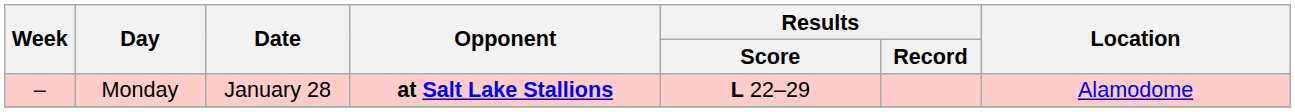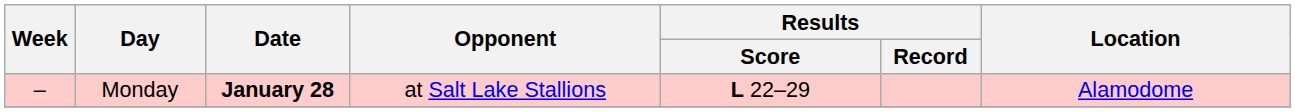 <table class="wikitable" style="text-align:center; font-size:90%">
 <tr>
 <th rowspan="2" width="40">Week</th>
 <th rowspan="2" width="80">Day</th>
 <th rowspan="2" width="90">Date</th>
 <th rowspan="2" width="200">Opponent</th>
 <th colspan="2" width="200">Results</th>
 <th rowspan="2" width="200">Location</th>
 </tr>
 <tr>
 <th width="140">Score</th>
 <th width="60">Record</th>
 </tr>
 <tr bgcolor=#ffcccc>
 <td>–</td>
 <td>Monday</td>
-<td>January 28</td>
-<td><strong>at <a href='#'>Salt Lake Stallions</a></strong></td>
+<td><strong>January 28</strong></td>
+<td>at <a href='#'>Salt Lake Stallions</a></td>
 <td><strong>L</strong> 22–29</td>
 <td></td>
 <td><a href='#'>Alamodome</a></td>
 </tr>
 <tr>
 </tr>
 </table>
